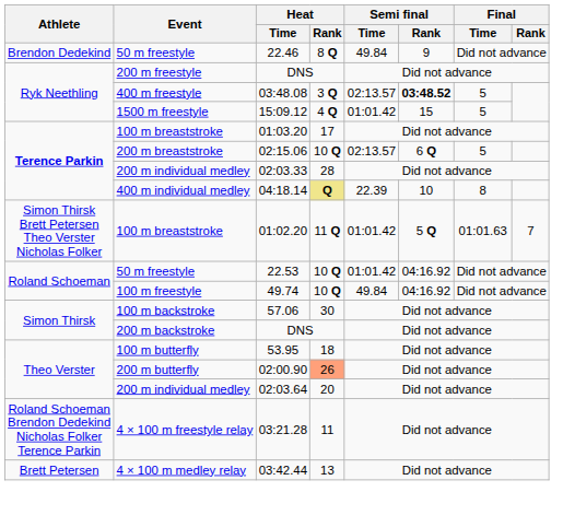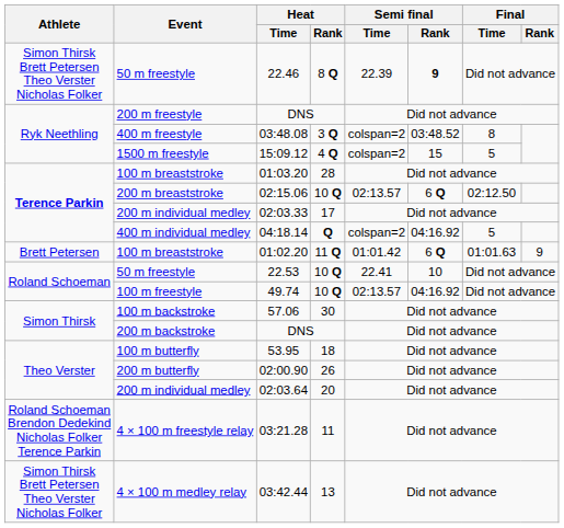 <table class=wikitable style="font-size:90%">
 <tr>
 <th rowspan="2">Athlete</th>
 <th rowspan="2">Event</th>
 <th colspan="2">Heat</th>
 <th colspan="2">Semi final</th>
 <th colspan="2">Final</th>
 </tr>
 <tr style="font-size:95%">
 <th>Time</th>
 <th>Rank</th>
 <th>Time</th>
 <th>Rank</th>
 <th>Time</th>
 <th>Rank</th>
 </tr>
 <tr>
-<td align=center><a href='#'>Brendon Dedekind</a></td>
+<td align=center><a href='#'>Simon Thirsk</a><br><a href='#'>Brett Petersen</a><br><a href='#'>Theo Verster</a><br><a href='#'>Nicholas Folker</a></td>
 <td><a href='#'>50 m freestyle</a></td>
 <td align=center>22.46</td>
 <td align=center>8 <strong>Q</strong></td>
-<td align=center>49.84</td>
-<td align=center>9</td>
+<td align=center>22.39</td>
+<td align=center><strong>9</strong></td>
 <td align=center colspan=2>Did not advance</td>
 </tr>
 <tr>
 <td align=center rowspan=3><a href='#'>Ryk Neethling</a></td>
 <td><a href='#'>200 m freestyle</a></td>
 <td align=center colspan=2>DNS</td>
 <td align=center colspan=4>Did not advance</td>
 </tr>
 <tr>
 <td><a href='#'>400 m freestyle</a></td>
 <td align=center>03:48.08</td>
 <td align=center>3 <strong>Q</strong></td>
-<td align=center>02:13.57</td>
-<td align=center><strong>03:48.52</strong></td>
-<td align=center>5</td>
+<td>colspan=2 </td>
+<td align=center>03:48.52</td>
+<td align=center>8</td>
 </tr>
 <tr>
 <td><a href='#'>1500 m freestyle</a></td>
 <td align=center>15:09.12</td>
 <td align=center>4 <strong>Q</strong></td>
-<td align=center>01:01.42</td>
+<td>colspan=2 </td>
 <td align=center>15</td>
 <td align=center>5</td>
 </tr>
 <tr>
 <td align=center rowspan=4><strong><a href='#'>Terence Parkin</a></strong></td>
 <td><a href='#'>100 m breaststroke</a></td>
 <td align=center>01:03.20</td>
-<td align=center>17</td>
+<td align=center>28</td>
 <td align=center colspan=4>Did not advance</td>
 </tr>
 <tr>
 <td><a href='#'>200 m breaststroke</a></td>
 <td align=center>02:15.06</td>
 <td align=center>10 <strong>Q</strong></td>
 <td align=center>02:13.57</td>
 <td align=center>6 <strong>Q</strong></td>
-<td align=center>5</td>
+<td align=center>02:12.50</td>
 <td align=center></td>
 </tr>
 <tr>
 <td><a href='#'>200 m individual medley</a></td>
 <td align=center>02:03.33</td>
-<td align=center>28</td>
+<td align=center>17</td>
 <td align=center colspan=4>Did not advance</td>
 </tr>
 <tr>
 <td><a href='#'>400 m individual medley</a></td>
 <td align=center>04:18.14</td>
-<td align=center style="background: khaki;"><strong>Q</strong></td>
-<td align=center>22.39</td>
-<td align=center>10</td>
-<td align=center>8</td>
+<td align=center><strong>Q</strong></td>
+<td>colspan=2 </td>
+<td align=center>04:16.92</td>
+<td align=center>5</td>
 </tr>
 <tr>
-<td align=center><a href='#'>Simon Thirsk</a><br><a href='#'>Brett Petersen</a><br><a href='#'>Theo Verster</a><br><a href='#'>Nicholas Folker</a></td>
+<td align=center><a href='#'>Brett Petersen</a></td>
 <td><a href='#'>100 m breaststroke</a></td>
 <td align=center>01:02.20</td>
 <td align=center>11 <strong>Q</strong></td>
 <td align=center>01:01.42</td>
-<td align=center>5 <strong>Q</strong></td>
+<td align=center>6 <strong>Q</strong></td>
 <td align=center>01:01.63</td>
-<td align=center>7</td>
+<td align=center>9</td>
 </tr>
 <tr>
 <td align=center rowspan=2><a href='#'>Roland Schoeman</a></td>
 <td><a href='#'>50 m freestyle</a></td>
 <td align=center>22.53</td>
 <td align=center>10 <strong>Q</strong></td>
-<td align=center>01:01.42</td>
-<td align=center>04:16.92</td>
+<td align=center>22.41</td>
+<td align=center>10</td>
 <td align=center colspan=2>Did not advance</td>
 </tr>
 <tr>
 <td><a href='#'>100 m freestyle</a></td>
 <td align=center>49.74</td>
 <td align=center>10 <strong>Q</strong></td>
-<td align=center>49.84</td>
+<td align=center>02:13.57</td>
 <td align=center>04:16.92</td>
 <td align=center colspan=2>Did not advance</td>
 </tr>
 <tr>
 <td align=center rowspan=2><a href='#'>Simon Thirsk</a></td>
 <td><a href='#'>100 m backstroke</a></td>
 <td align=center>57.06</td>
 <td align=center>30</td>
 <td align=center colspan=4>Did not advance</td>
 </tr>
 <tr>
 <td><a href='#'>200 m backstroke</a></td>
 <td align=center colspan=2>DNS</td>
 <td align=center colspan=4>Did not advance</td>
 </tr>
 <tr>
 <td align=center rowspan=3><a href='#'>Theo Verster</a></td>
 <td><a href='#'>100 m butterfly</a></td>
 <td align=center>53.95</td>
 <td align=center>18</td>
 <td align=center colspan=4>Did not advance</td>
 </tr>
 <tr>
 <td><a href='#'>200 m butterfly</a></td>
 <td align=center>02:00.90</td>
-<td align=center style="background: lightsalmon;">26</td>
+<td align=center>26</td>
 <td align=center colspan=4>Did not advance</td>
 </tr>
 <tr>
 <td><a href='#'>200 m individual medley</a></td>
 <td align=center>02:03.64</td>
 <td align=center>20</td>
 <td align=center colspan=4>Did not advance</td>
 </tr>
 <tr>
 <td align=center><a href='#'>Roland Schoeman</a><br><a href='#'>Brendon Dedekind</a><br><a href='#'>Nicholas Folker</a><br><a href='#'>Terence Parkin</a></td>
 <td align=left><a href='#'>4 × 100 m freestyle relay</a></td>
 <td>03:21.28</td>
 <td align=center>11</td>
 <td align=center colspan=4>Did not advance</td>
 </tr>
 <tr>
-<td align=center><a href='#'>Brett Petersen</a></td>
+<td align=center><a href='#'>Simon Thirsk</a><br><a href='#'>Brett Petersen</a><br><a href='#'>Theo Verster</a><br><a href='#'>Nicholas Folker</a></td>
 <td align=left><a href='#'>4 × 100 m medley relay</a></td>
 <td>03:42.44</td>
 <td align=center>13</td>
 <td align=center colspan=4>Did not advance</td>
 </tr>
 </table>
